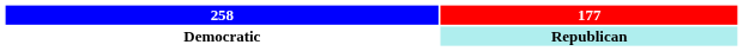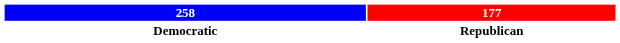 <table style="width:60%; text-align:center;">
 <tr style="color:white;">
 <td style="background:blue; width:59.31;"><strong>258</strong></td>
 <td style="background:red; width:40.69%;"><strong>177</strong></td>
 </tr>
 <tr>
 <td><span><strong>Democratic</strong></span></td>
-<td style="background: paleturquoise;"><span><strong>Republican</strong></span></td>
+<td><span><strong>Republican</strong></span></td>
 </tr>
 </table>
